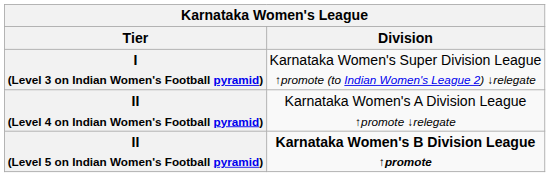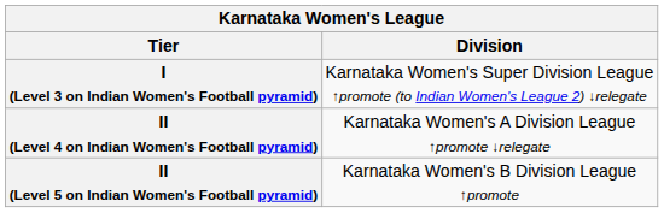 <table class="wikitable" style="text-align:center;">
 <tr>
 <th colspan="2">Karnataka Women's League</th>
 </tr>
 <tr>
 <th>Tier</th>
 <th>Division</th>
 </tr>
 <tr>
 <th>I<br><sub>(Level 3 on Indian Women's Football <a href='#'>pyramid</a>)</sub></th>
 <td>Karnataka Women's Super Division League  <br><em><sub>↑promote (to <a href='#'>Indian Women's League 2</a>) ↓relegate</sub></em></td>
 </tr>
 <tr>
 <th>II<br><sub>(Level 4 on Indian Women's Football <a href='#'>pyramid</a>)</sub></th>
 <td>Karnataka Women's A Division League  <br><em><sub>↑promote ↓relegate</sub></em></td>
 </tr>
 <tr>
 <th>II<br><sub>(Level 5 on Indian Women's Football <a href='#'>pyramid</a>)</sub></th>
-<td><strong>Karnataka Women's B Division League  <br><em><sub>↑promote</sub></em></strong></td>
+<td>Karnataka Women's B Division League  <br><em><sub>↑promote</sub></em></td>
 </tr>
 </table>
